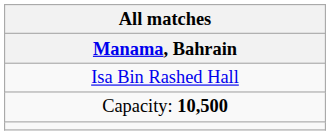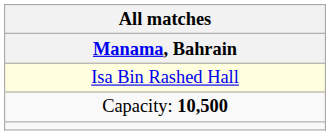 <table class="wikitable" style="text-align:center" width=280>
 <tr>
 <th>All matches</th>
 </tr>
 <tr>
 <th><a href='#'>Manama</a>, Bahrain</th>
 </tr>
 <tr>
-<td><a href='#'>Isa Bin Rashed Hall</a></td>
+<td style="background: lightyellow;"><a href='#'>Isa Bin Rashed Hall</a></td>
 </tr>
 <tr>
 <td>Capacity: <strong>10,500</strong></td>
 </tr>
 <tr>
 <td></td>
 </tr>
 </table>
